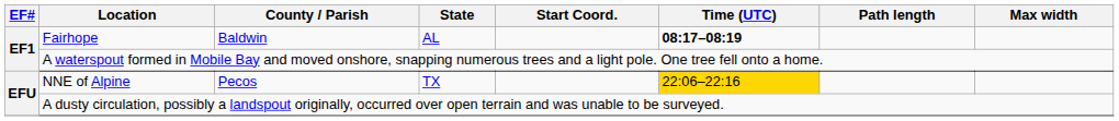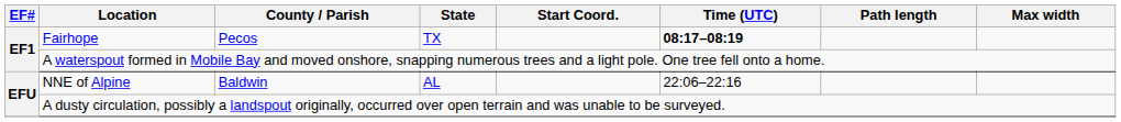 <table class="wikitable sortable" style="width:100%;">
 <tr>
 <th scope="col" width="2%" align="center"><a href='#'>EF#</a></th>
 <th scope="col" align="center" class="unsortable">Location</th>
 <th scope="col" align="center" class="unsortable">County / Parish</th>
 <th scope="col" align="center">State</th>
 <th scope="col" align="center">Start Coord.</th>
 <th scope="col" align="center">Time (<a href='#'>UTC</a>)</th>
 <th scope="col" align="center">Path length</th>
 <th scope="col" align="center">Max width</th>
 </tr>
 <tr>
 <th scope="row" rowspan="2" style="background-color:#">EF1</th>
 <td><a href='#'>Fairhope</a></td>
-<td><a href='#'>Baldwin</a></td>
-<td><a href='#'>AL</a></td>
+<td><a href='#'>Pecos</a></td>
+<td><a href='#'>TX</a></td>
 <td></td>
 <td><strong>08:17–08:19</strong></td>
 <td></td>
 <td></td>
 </tr>
 <tr class="expand-child">
 <td colspan="8" style=" border-bottom: 1px solid black;">A <a href='#'>waterspout</a> formed in <a href='#'>Mobile Bay</a> and moved onshore, snapping numerous trees and a light pole. One tree fell onto a home.</td>
 </tr>
 <tr>
 <th scope="row" rowspan="2" style="background-color:#">EFU</th>
 <td>NNE of <a href='#'>Alpine</a></td>
-<td><a href='#'>Pecos</a></td>
-<td><a href='#'>TX</a></td>
+<td><a href='#'>Baldwin</a></td>
+<td><a href='#'>AL</a></td>
 <td></td>
-<td style="background: gold;">22:06–22:16</td>
+<td>22:06–22:16</td>
 <td></td>
 <td></td>
 </tr>
 <tr class="expand-child">
 <td colspan="8" style=" border-bottom: 1px solid black;">A dusty circulation, possibly a <a href='#'>landspout</a> originally, occurred over open terrain and was unable to be surveyed.</td>
 </tr>
 <tr>
 </tr>
 </table>
